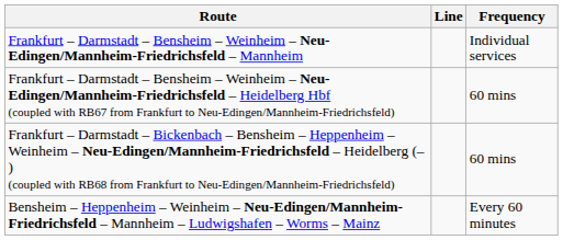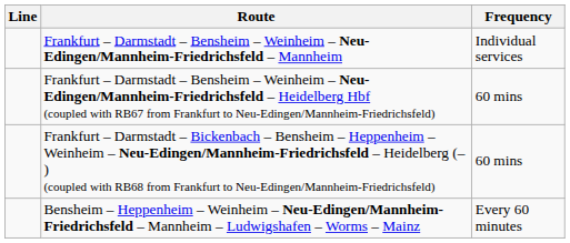 <table class="wikitable">
 <tr>
+<th>Line</th>
 <th>Route</th>
-<th>Line</th>
 <th>Frequency</th>
 </tr>
 <tr>
+<td></td>
 <td><a href='#'>Frankfurt</a> – <a href='#'>Darmstadt</a> – <a href='#'>Bensheim</a> – <a href='#'>Weinheim</a> – <strong>Neu-Edingen/Mannheim-Friedrichsfeld</strong> – <a href='#'>Mannheim</a></td>
-<td></td>
 <td>Individual services</td>
 </tr>
 <tr>
+<td></td>
 <td>Frankfurt – Darmstadt – Bensheim – Weinheim – <strong>Neu-Edingen/Mannheim-Friedrichsfeld</strong> – <a href='#'>Heidelberg Hbf</a><br><small>(coupled with RB67 from Frankfurt to  Neu-Edingen/Mannheim-Friedrichsfeld)</small></td>
-<td></td>
 <td>60 mins</td>
 </tr>
 <tr>
+<td></td>
 <td>Frankfurt – Darmstadt – <a href='#'>Bickenbach</a> – Bensheim – <a href='#'>Heppenheim</a> – Weinheim – <strong>Neu-Edingen/Mannheim-Friedrichsfeld</strong> – Heidelberg (– )<br><small>(coupled with RB68 from Frankfurt to  Neu-Edingen/Mannheim-Friedrichsfeld)</small></td>
-<td></td>
 <td>60 mins</td>
 </tr>
 <tr>
+<td></td>
 <td>Bensheim – <a href='#'>Heppenheim</a> – Weinheim – <strong>Neu-Edingen/Mannheim-Friedrichsfeld</strong> – Mannheim – <a href='#'>Ludwigshafen</a> – <a href='#'>Worms</a> – <a href='#'>Mainz</a></td>
-<td></td>
 <td>Every 60 minutes</td>
 </tr>
 </table>
